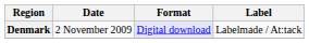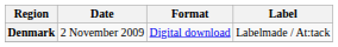 <table class="wikitable plainrowheaders">
 <tr>
 <th scope="col">Region</th>
 <th scope="col">Date</th>
 <th scope="col">Format</th>
 <th scope="col">Label</th>
 </tr>
 <tr>
 <th scope="row">Denmark</th>
 <td>2 November 2009</td>
-<td style="background: lavender;"><a href='#'>Digital download</a></td>
+<td><a href='#'>Digital download</a></td>
 <td>Labelmade / At:tack</td>
 </tr>
 <tr>
 </tr>
 </table>
